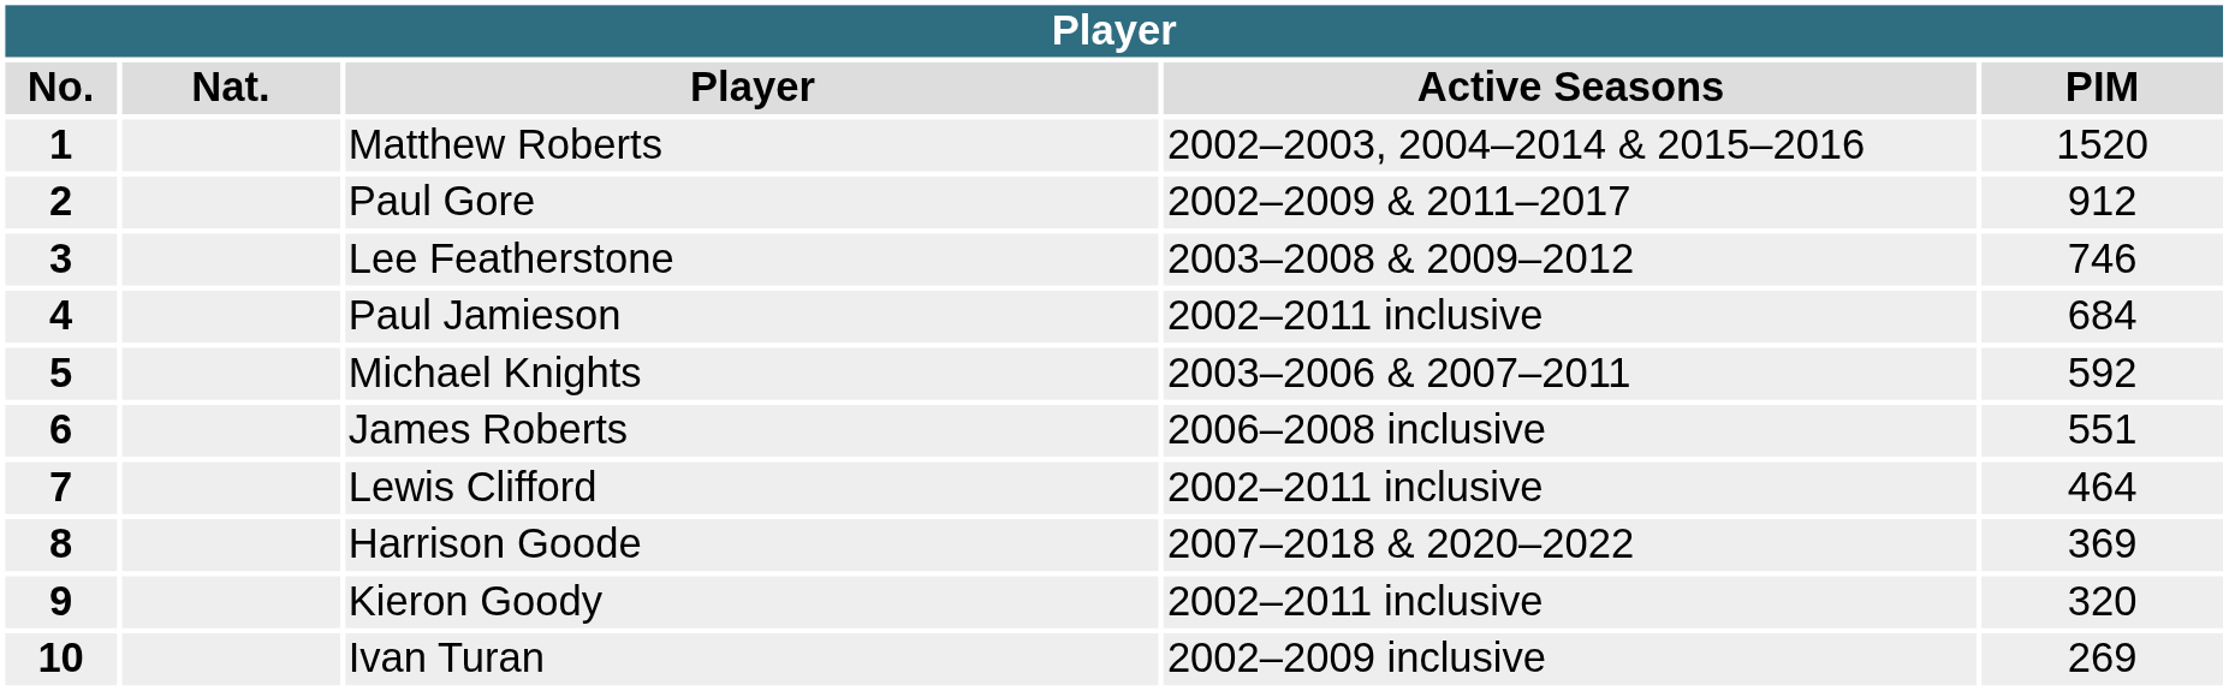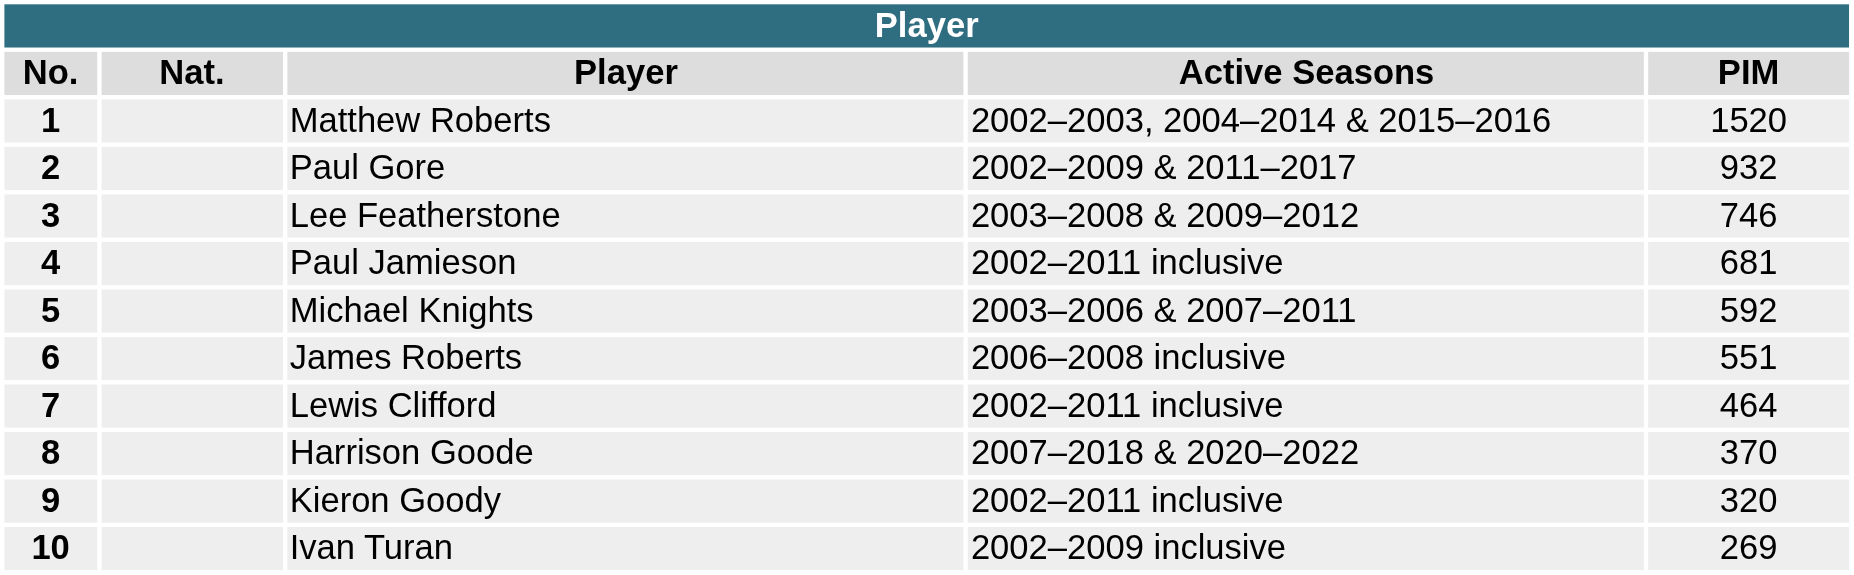 <table class="toccolours"  style="width:97%; clear:both; margin:1.5em auto; text-align:center;">
 <tr>
 <th colspan="11" style="background:#2f6d81; color:white;”">Player</th>
 </tr>
 <tr style="background:#ddd;">
 <th width=5%>No.</th>
 <th width=10%>Nat.</th>
 <th !width=30%>Player</th>
 <th width=37%>Active Seasons</th>
 <th widith=18%>PIM</th>
 </tr>
 <tr style="background:#eee;">
 <td><strong>1</strong></td>
 <td></td>
 <td align="left">Matthew Roberts</td>
 <td align=left>2002–2003, 2004–2014 & 2015–2016</td>
 <td>1520</td>
 </tr>
 <tr style="background:#eee;">
 <td><strong>2</strong></td>
 <td></td>
 <td align=left>Paul Gore</td>
 <td align=left>2002–2009 & 2011–2017</td>
-<td>912</td>
+<td>932</td>
 </tr>
 <tr style="background:#eee;">
 <td><strong>3</strong></td>
 <td></td>
 <td align=left>Lee Featherstone</td>
 <td align=left>2003–2008 & 2009–2012</td>
 <td>746</td>
 </tr>
 <tr style="background:#eee;">
 <td><strong>4</strong></td>
 <td></td>
 <td align=left>Paul Jamieson</td>
 <td align=left>2002–2011 inclusive</td>
-<td>684</td>
+<td>681</td>
 </tr>
 <tr style="background:#eee;">
 <td><strong>5</strong></td>
 <td></td>
 <td align=left>Michael Knights</td>
 <td align=left>2003–2006 & 2007–2011</td>
 <td>592</td>
 </tr>
 <tr style="background:#eee;">
 <td><strong>6</strong></td>
 <td></td>
 <td align=left>James Roberts</td>
 <td align=left>2006–2008 inclusive</td>
 <td>551</td>
 </tr>
 <tr style="background:#eee;">
 <td><strong>7</strong></td>
 <td></td>
 <td align=left>Lewis Clifford</td>
 <td align=left>2002–2011 inclusive</td>
 <td>464</td>
 </tr>
 <tr style="background:#eee;">
 <td><strong>8</strong></td>
 <td></td>
 <td align=left>Harrison Goode</td>
 <td align=left>2007–2018 & 2020–2022</td>
-<td>369</td>
+<td>370</td>
 </tr>
 <tr style="background:#eee;">
 <td><strong>9</strong></td>
 <td></td>
 <td align=left>Kieron Goody</td>
 <td align=left>2002–2011 inclusive</td>
 <td>320</td>
 </tr>
 <tr style="background:#eee;">
 <td><strong>10</strong></td>
 <td></td>
 <td align=left>Ivan Turan</td>
 <td align=left>2002–2009 inclusive</td>
 <td>269</td>
 </tr>
 </table>
